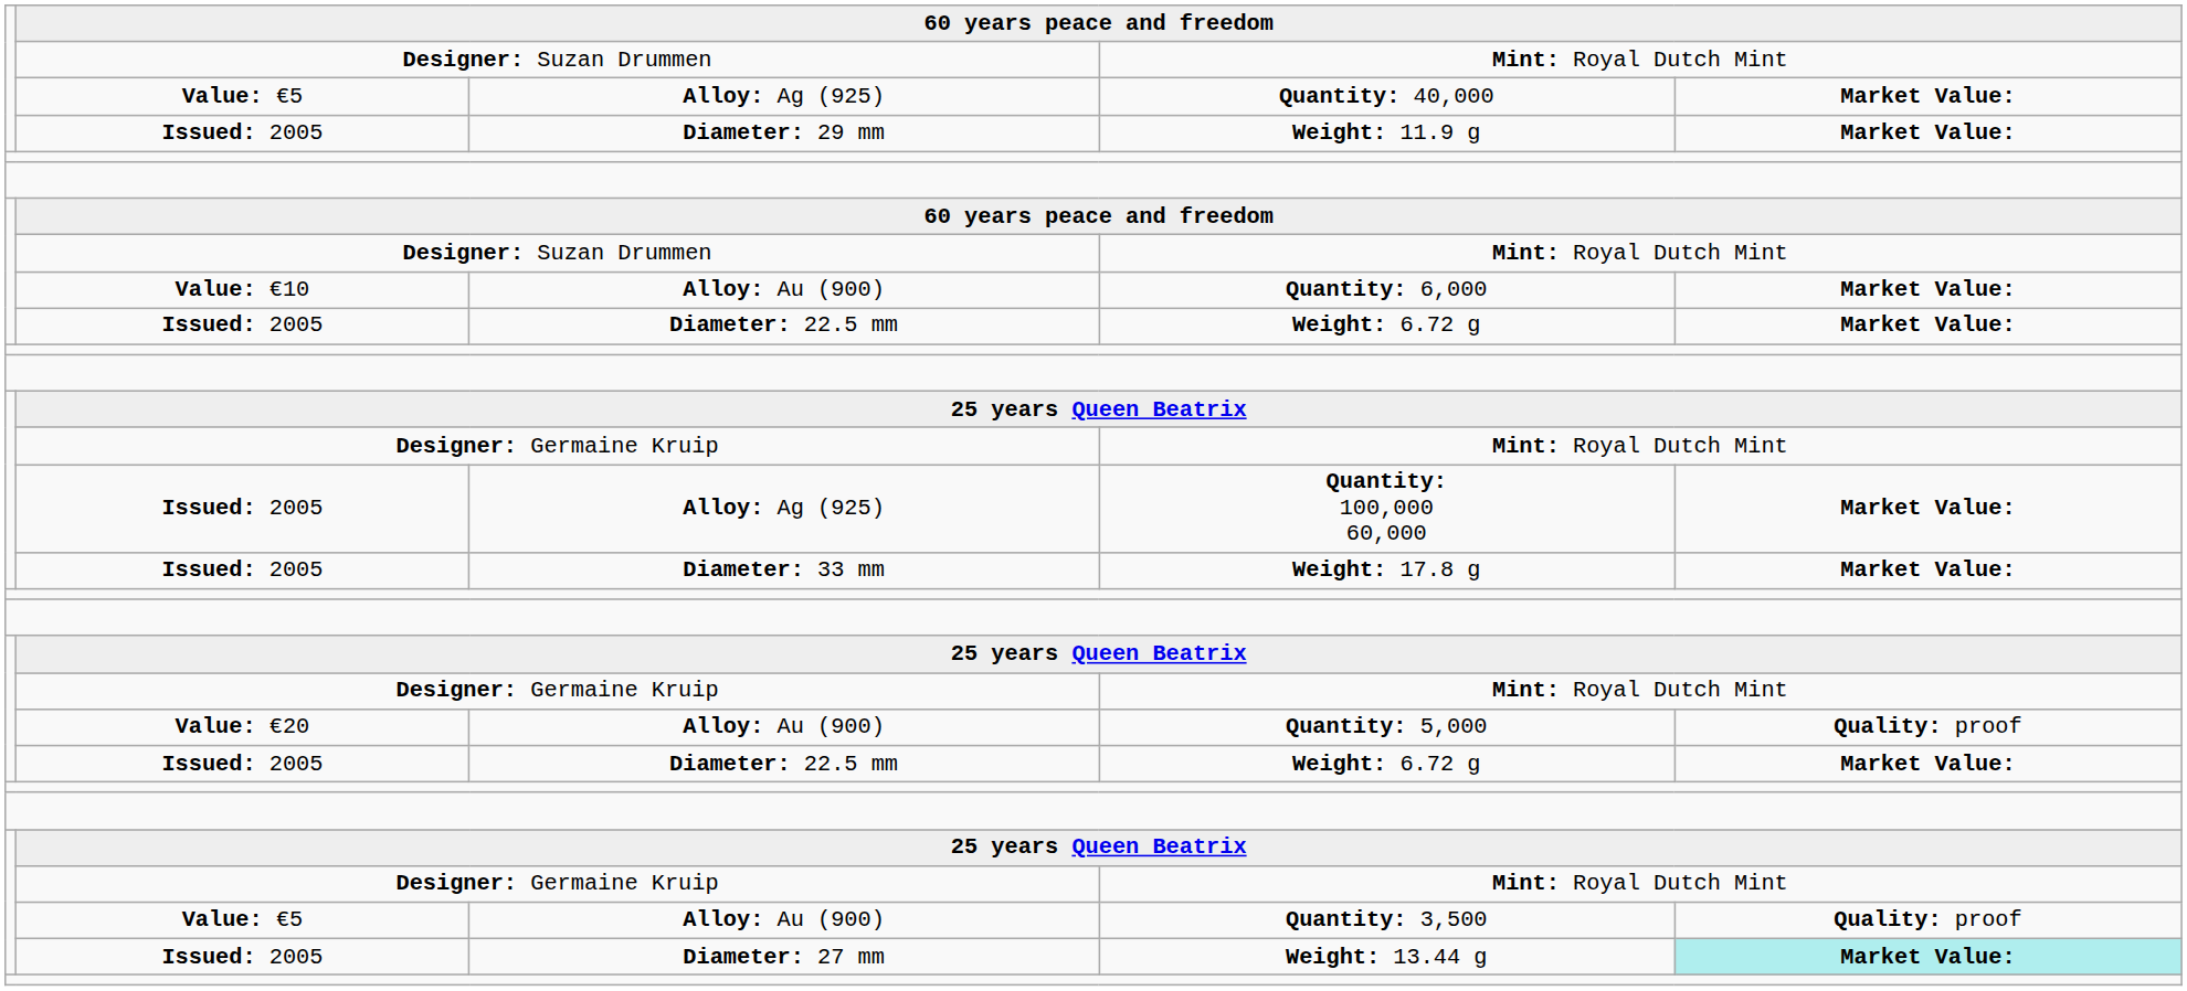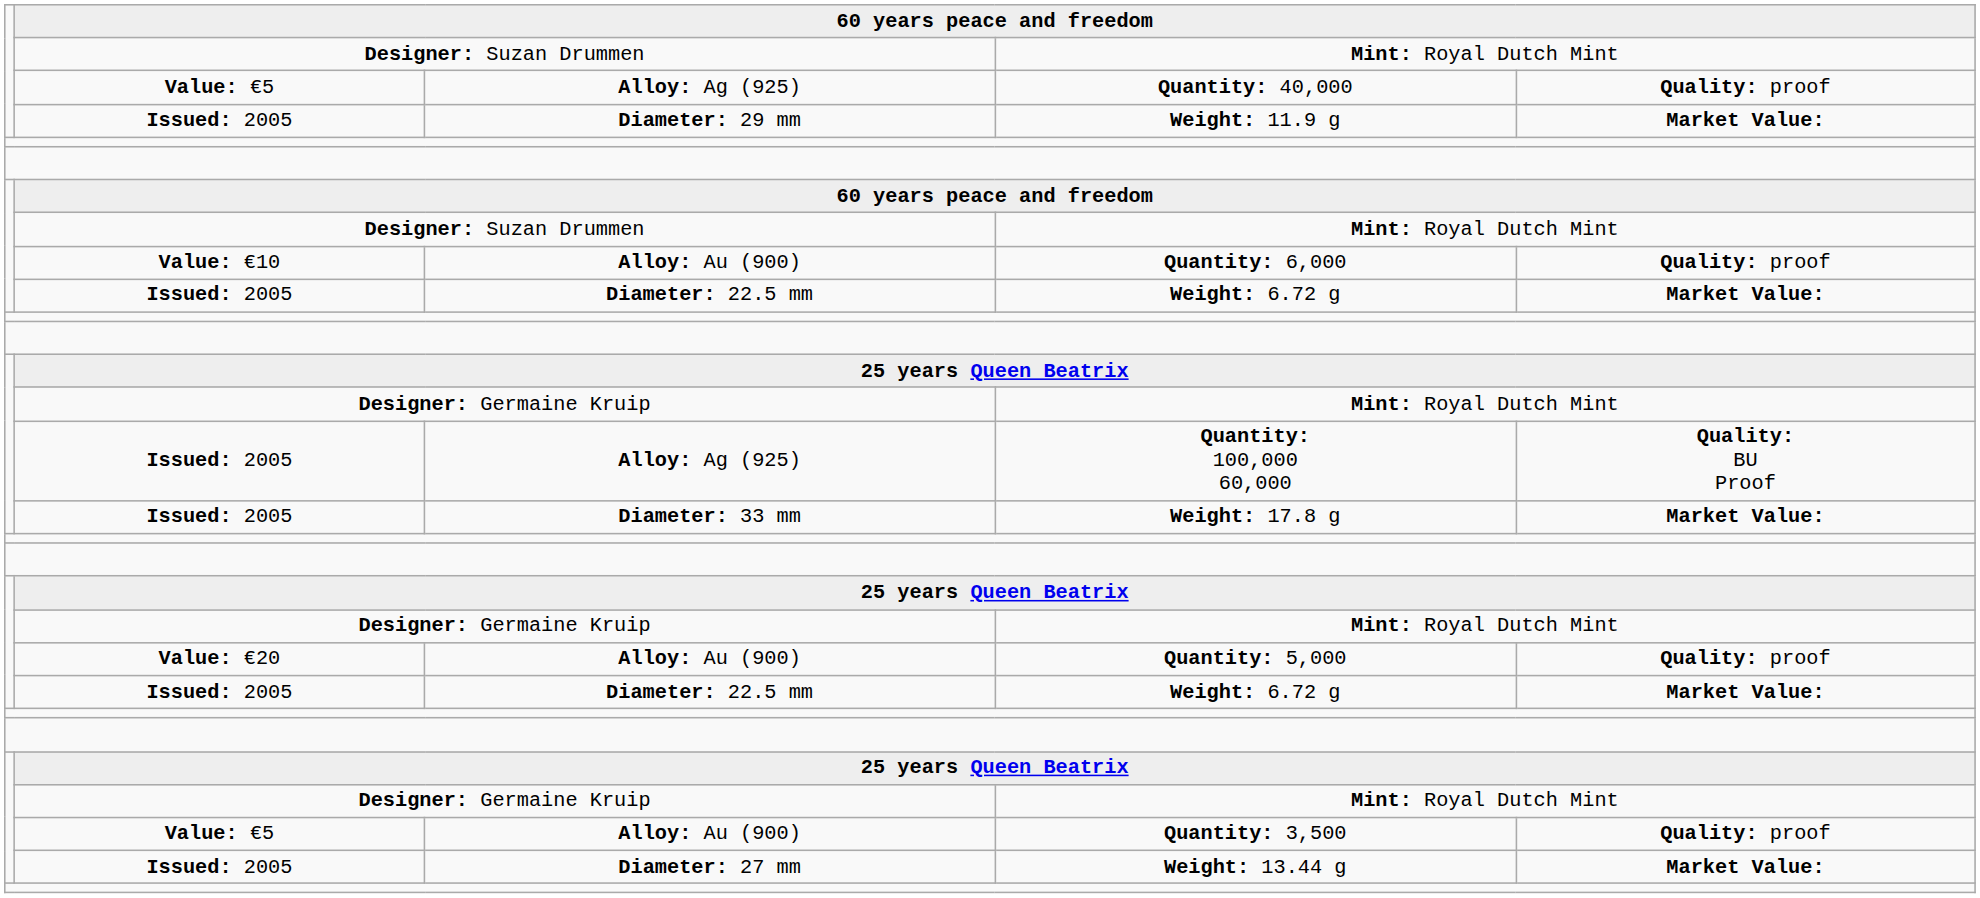 <table class="wikitable" width="100%">
 <tr>
 <td rowspan=4 width="330px" nowrap align=center></td>
 <th colspan="4" align=center style="background:#eeeeee;">60 years peace and freedom</th>
 </tr>
 <tr>
 <td colspan="2" width="50%" align=center><strong>Designer:</strong> Suzan Drummen</td>
 <td colspan="2" width="50%" align=center><strong>Mint:</strong> Royal Dutch Mint</td>
 </tr>
 <tr>
 <td align=center><strong>Value:</strong>  €5</td>
 <td align=center><strong>Alloy:</strong> Ag (925)</td>
 <td align=center><strong>Quantity:</strong> 40,000</td>
-<td align=center><strong>Market Value:</strong></td>
+<td align=center><strong>Quality:</strong> proof</td>
 </tr>
 <tr>
 <td align=center><strong>Issued:</strong> 2005</td>
 <td align=center><strong>Diameter:</strong> 29 mm</td>
 <td align=center><strong>Weight:</strong> 11.9 g</td>
 <td align=center><strong>Market Value:</strong></td>
 </tr>
 <tr>
 <td colspan="5" align=left></td>
 </tr>
 <tr>
 <td colspan="5" align=left> </td>
 </tr>
 <tr>
 <td rowspan=4 width="330px" nowrap align=center></td>
 <th colspan="4" align=center style="background:#eeeeee;">60 years peace and freedom</th>
 </tr>
 <tr>
 <td colspan="2" width="50%" align=center><strong>Designer:</strong> Suzan Drummen</td>
 <td colspan="2" width="50%" align=center><strong>Mint:</strong> Royal Dutch Mint</td>
 </tr>
 <tr>
 <td align=center><strong>Value:</strong>  €10</td>
 <td align=center><strong>Alloy:</strong> Au (900)</td>
 <td align=center><strong>Quantity:</strong> 6,000</td>
-<td align=center><strong>Market Value:</strong></td>
+<td align=center><strong>Quality:</strong> proof</td>
 </tr>
 <tr>
 <td align=center><strong>Issued:</strong> 2005</td>
 <td align=center><strong>Diameter:</strong> 22.5 mm</td>
 <td align=center><strong>Weight:</strong> 6.72 g</td>
 <td align=center><strong>Market Value:</strong></td>
 </tr>
 <tr>
 <td colspan="5" align=left></td>
 </tr>
 <tr>
 <td colspan="5" align=left> </td>
 </tr>
 <tr>
 <td rowspan=4 width="330px" nowrap align=center></td>
 <th colspan="4" align=center style="background:#eeeeee;">25 years <a href='#'>Queen Beatrix</a></th>
 </tr>
 <tr>
 <td colspan="2" width="50%" align=center><strong>Designer:</strong> Germaine Kruip</td>
 <td colspan="2" width="50%" align=center><strong>Mint:</strong> Royal Dutch Mint</td>
 </tr>
 <tr>
 <td align=center><strong>Issued:</strong> 2005</td>
 <td align=center><strong>Alloy:</strong> Ag (925)</td>
 <td align=center><strong>Quantity:</strong><br>100,000 <br> 60,000</td>
-<td align=center><strong>Market Value:</strong></td>
+<td align=center><strong>Quality:</strong><br>BU<br> Proof</td>
 </tr>
 <tr>
 <td align=center><strong>Issued:</strong> 2005</td>
 <td align=center><strong>Diameter:</strong> 33 mm</td>
 <td align=center><strong>Weight:</strong> 17.8 g</td>
 <td align=center><strong>Market Value:</strong></td>
 </tr>
 <tr>
 <td colspan="5" align=left></td>
 </tr>
 <tr>
 <td colspan="5" align=left> </td>
 </tr>
 <tr>
 <td rowspan=4 width="330px" nowrap align=center></td>
 <th colspan="4" align=center style="background:#eeeeee;">25 years <a href='#'>Queen Beatrix</a></th>
 </tr>
 <tr>
 <td colspan="2" width="50%" align=center><strong>Designer:</strong> Germaine Kruip</td>
 <td colspan="2" width="50%" align=center><strong>Mint:</strong> Royal Dutch Mint</td>
 </tr>
 <tr>
 <td align=center><strong>Value:</strong>  €20</td>
 <td align=center><strong>Alloy:</strong> Au (900)</td>
 <td align=center><strong>Quantity:</strong> 5,000</td>
 <td align=center><strong>Quality:</strong> proof</td>
 </tr>
 <tr>
 <td align=center><strong>Issued:</strong> 2005</td>
 <td align=center><strong>Diameter:</strong> 22.5 mm</td>
 <td align=center><strong>Weight:</strong> 6.72 g</td>
 <td align=center><strong>Market Value:</strong></td>
 </tr>
 <tr>
 <td colspan="5" align=left></td>
 </tr>
 <tr>
 <td colspan="5" align=left> </td>
 </tr>
 <tr>
 <td rowspan=4 width="330px" nowrap align=center></td>
 <th colspan="4" align=center style="background:#eeeeee;">25 years <a href='#'>Queen Beatrix</a></th>
 </tr>
 <tr>
 <td colspan="2" width="50%" align=center><strong>Designer:</strong> Germaine Kruip</td>
 <td colspan="2" width="50%" align=center><strong>Mint:</strong> Royal Dutch Mint</td>
 </tr>
 <tr>
 <td align=center><strong>Value:</strong>  €5</td>
 <td align=center><strong>Alloy:</strong> Au (900)</td>
 <td align=center><strong>Quantity:</strong> 3,500</td>
 <td align=center><strong>Quality:</strong> proof</td>
 </tr>
 <tr>
 <td align=center><strong>Issued:</strong> 2005</td>
 <td align=center><strong>Diameter:</strong> 27 mm</td>
 <td align=center><strong>Weight:</strong> 13.44 g</td>
-<td align=center style="background: paleturquoise;"><strong>Market Value:</strong></td>
+<td align=center><strong>Market Value:</strong></td>
 </tr>
 <tr>
 <td colspan="5" align=left></td>
 </tr>
 </table>
